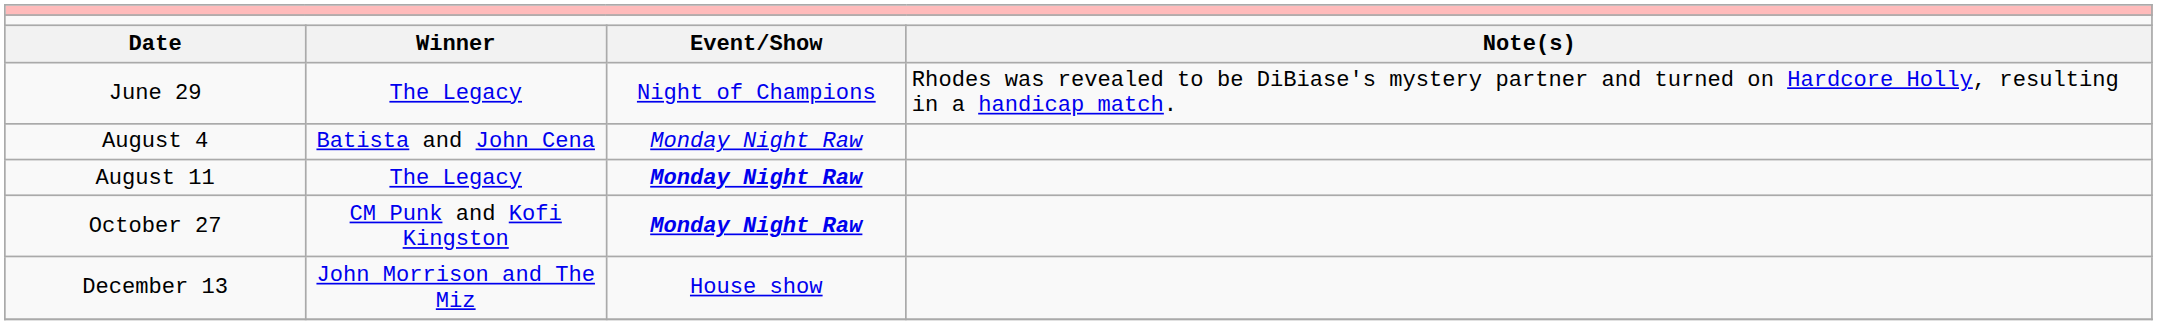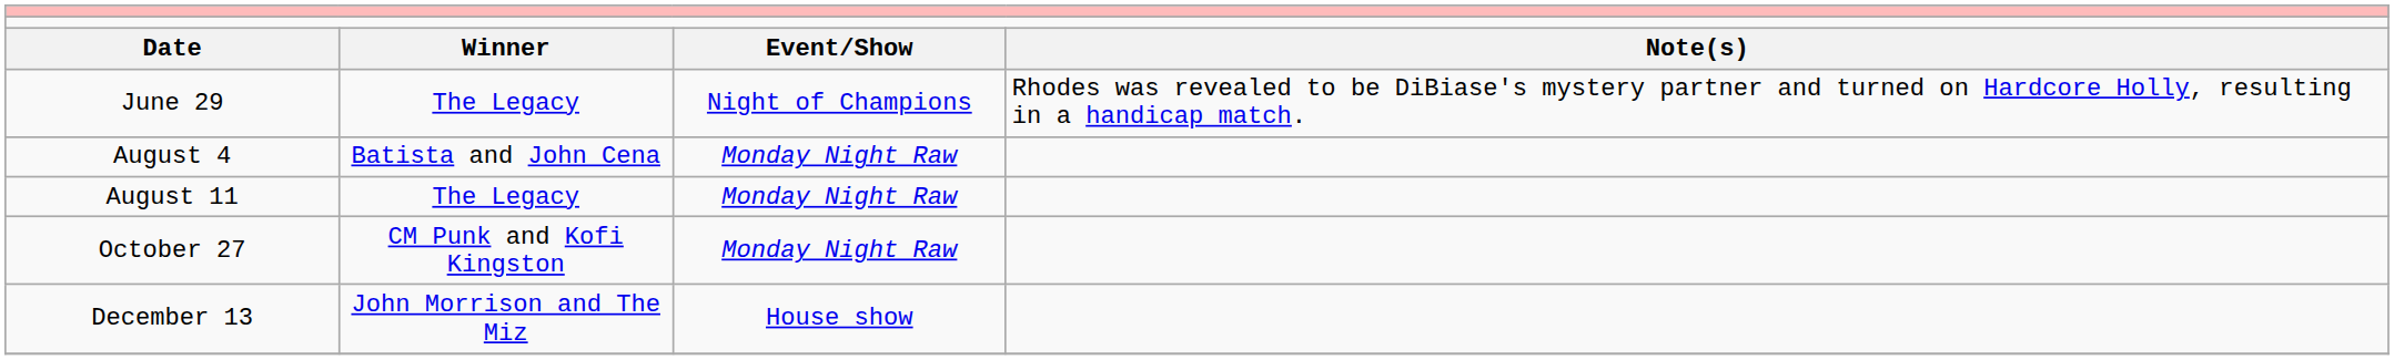 <table class="wikitable" style="text-align:center; width:100%;">
 <tr style="background:#FBB;">
 <td colspan="5"></td>
 </tr>
 <tr>
 <td colspan="5"><strong></strong></td>
 </tr>
 <tr>
 <th width=14%>Date</th>
 <th width=14%>Winner</th>
 <th width=14%>Event/Show</th>
 <th width=58%>Note(s)</th>
 </tr>
 <tr>
 <td>June 29</td>
 <td><a href='#'>The Legacy</a><br></td>
 <td><a href='#'>Night of Champions</a></td>
 <td align=left>Rhodes was revealed to be DiBiase's mystery partner and turned on <a href='#'>Hardcore Holly</a>, resulting in a <a href='#'>handicap match</a>.</td>
 </tr>
 <tr>
 <td>August 4</td>
 <td><a href='#'>Batista</a> and <a href='#'>John Cena</a></td>
 <td><em><a href='#'>Monday Night Raw</a></em></td>
 <td></td>
 </tr>
 <tr>
 <td>August 11</td>
 <td><a href='#'>The Legacy</a><br></td>
-<td><strong><em><a href='#'>Monday Night Raw</a></em></strong></td>
+<td><em><a href='#'>Monday Night Raw</a></em></td>
 <td></td>
 </tr>
 <tr>
 <td>October 27</td>
 <td><a href='#'>CM Punk</a> and <a href='#'>Kofi Kingston</a></td>
-<td><strong><em><a href='#'>Monday Night Raw</a></em></strong></td>
+<td><em><a href='#'>Monday Night Raw</a></em></td>
 <td></td>
 </tr>
 <tr>
 <td>December 13</td>
 <td><a href='#'>John Morrison and The Miz</a></td>
 <td><a href='#'>House show</a></td>
 <td></td>
 </tr>
 <tr>
 </tr>
 </table>
